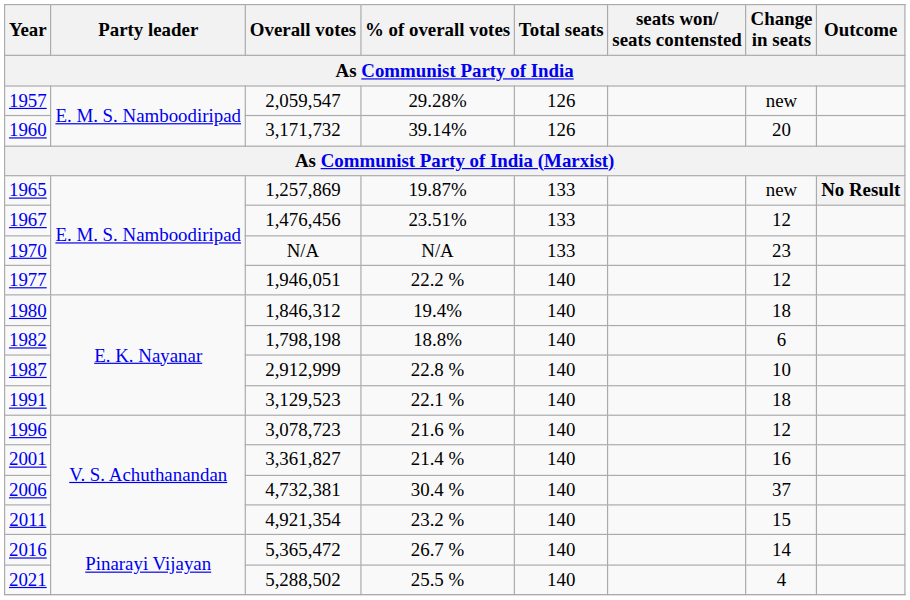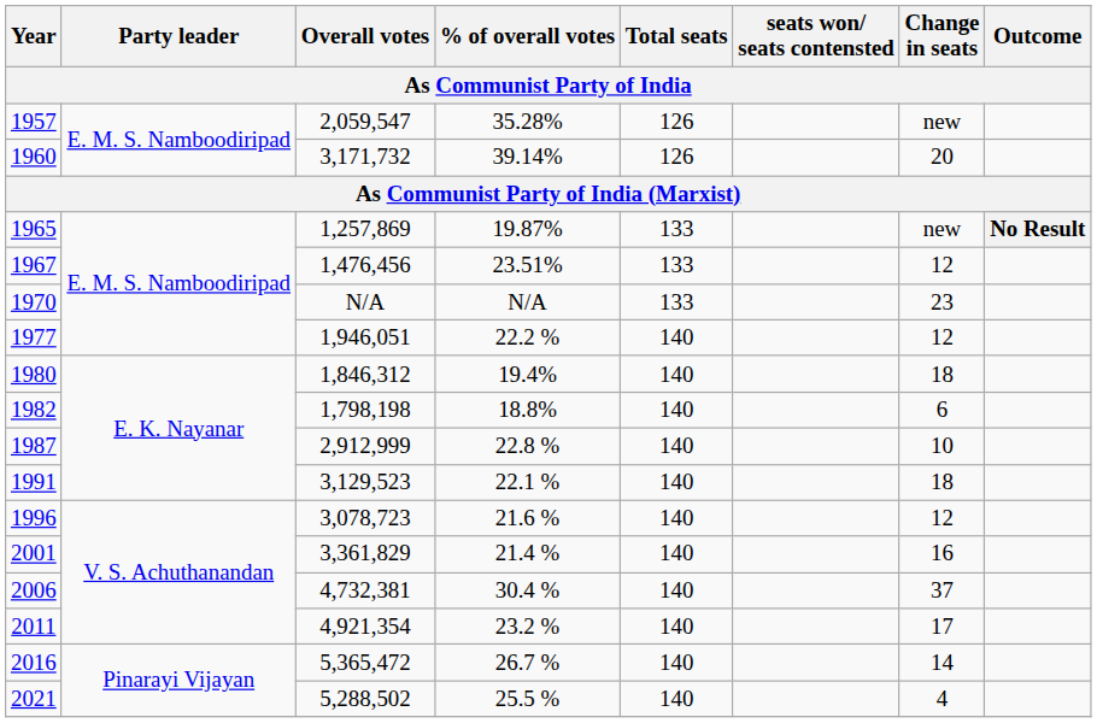 <table class="wikitable sortable" style="text-align:center;">
 <tr>
 <th Style="background-color:">Year</th>
 <th Style="background-color:">Party leader</th>
 <th Style="background-color:">Overall votes</th>
 <th Style="background-color:">% of overall votes</th>
 <th Style="background-color:">Total seats</th>
 <th Style="background-color:">seats won/<br>seats contensted</th>
 <th Style="background-color:">Change<br>in seats</th>
 <th Style="background-color:">Outcome</th>
 </tr>
 <tr>
 <th colspan=11>As <a href='#'>Communist Party of India</a></th>
 </tr>
 <tr>
 <td><a href='#'>1957</a></td>
 <td rowspan="2"><a href='#'>E. M. S. Namboodiripad</a></td>
 <td>2,059,547</td>
-<td>29.28%</td>
+<td>35.28%</td>
 <td>126</td>
 <td></td>
 <td> new</td>
 <td></td>
 </tr>
 <tr>
 <td><a href='#'>1960</a></td>
 <td>3,171,732</td>
 <td>39.14%</td>
 <td>126</td>
 <td></td>
 <td> 20</td>
 <td></td>
 </tr>
 <tr>
 <th colspan=11>As <a href='#'>Communist Party of India (Marxist)</a></th>
 </tr>
 <tr>
 <td><a href='#'>1965</a></td>
 <td rowspan="4"><a href='#'>E. M. S. Namboodiripad</a></td>
 <td>1,257,869</td>
 <td>19.87%</td>
 <td>133</td>
 <td></td>
 <td> new</td>
 <th>No Result</th>
 </tr>
 <tr>
 <td><a href='#'>1967</a></td>
 <td>1,476,456</td>
 <td>23.51%</td>
 <td>133</td>
 <td></td>
 <td> 12</td>
 <td></td>
 </tr>
 <tr>
 <td><a href='#'>1970</a></td>
 <td>N/A</td>
 <td>N/A</td>
 <td>133</td>
 <td></td>
 <td> 23</td>
 <td></td>
 </tr>
 <tr>
 <td><a href='#'>1977</a></td>
 <td>1,946,051</td>
 <td>22.2 %</td>
 <td>140</td>
 <td></td>
 <td>12</td>
 <td></td>
 </tr>
 <tr>
 <td><a href='#'>1980</a></td>
 <td rowspan="4"><a href='#'>E. K. Nayanar</a></td>
 <td>1,846,312</td>
 <td>19.4%</td>
 <td>140</td>
 <td></td>
 <td>18</td>
 <td></td>
 </tr>
 <tr>
 <td><a href='#'>1982</a></td>
 <td>1,798,198</td>
 <td>18.8%</td>
 <td>140</td>
 <td></td>
 <td> 6</td>
 <td></td>
 </tr>
 <tr>
 <td><a href='#'>1987</a></td>
 <td>2,912,999</td>
 <td>22.8 %</td>
 <td>140</td>
 <td></td>
 <td> 10</td>
 <td></td>
 </tr>
 <tr>
 <td><a href='#'>1991</a></td>
 <td>3,129,523</td>
 <td>22.1 %</td>
 <td>140</td>
 <td></td>
 <td> 18</td>
 <td></td>
 </tr>
 <tr>
 <td><a href='#'>1996</a></td>
 <td rowspan="4"><a href='#'>V. S. Achuthanandan</a></td>
 <td>3,078,723</td>
 <td>21.6 %</td>
 <td>140</td>
 <td></td>
 <td> 12</td>
 <td></td>
 </tr>
 <tr>
 <td><a href='#'>2001</a></td>
-<td>3,361,827</td>
+<td>3,361,829</td>
 <td>21.4 %</td>
 <td>140</td>
 <td></td>
 <td> 16</td>
 <td></td>
 </tr>
 <tr>
 <td><a href='#'>2006</a></td>
 <td>4,732,381</td>
 <td>30.4 %</td>
 <td>140</td>
 <td></td>
 <td> 37</td>
 <td></td>
 </tr>
 <tr>
 <td><a href='#'>2011</a></td>
 <td>4,921,354</td>
 <td>23.2 %</td>
 <td>140</td>
 <td></td>
-<td>15</td>
+<td>17</td>
 <td></td>
 </tr>
 <tr>
 <td><a href='#'>2016</a></td>
 <td rowspan="2"><a href='#'>Pinarayi Vijayan</a></td>
 <td>5,365,472</td>
 <td>26.7 %</td>
 <td>140</td>
 <td></td>
 <td> 14</td>
 <td></td>
 </tr>
 <tr>
 <td><a href='#'>2021</a></td>
 <td>5,288,502</td>
 <td>25.5 %</td>
 <td>140</td>
 <td></td>
 <td> 4</td>
 <td></td>
 </tr>
 <tr>
 </tr>
 </table>
